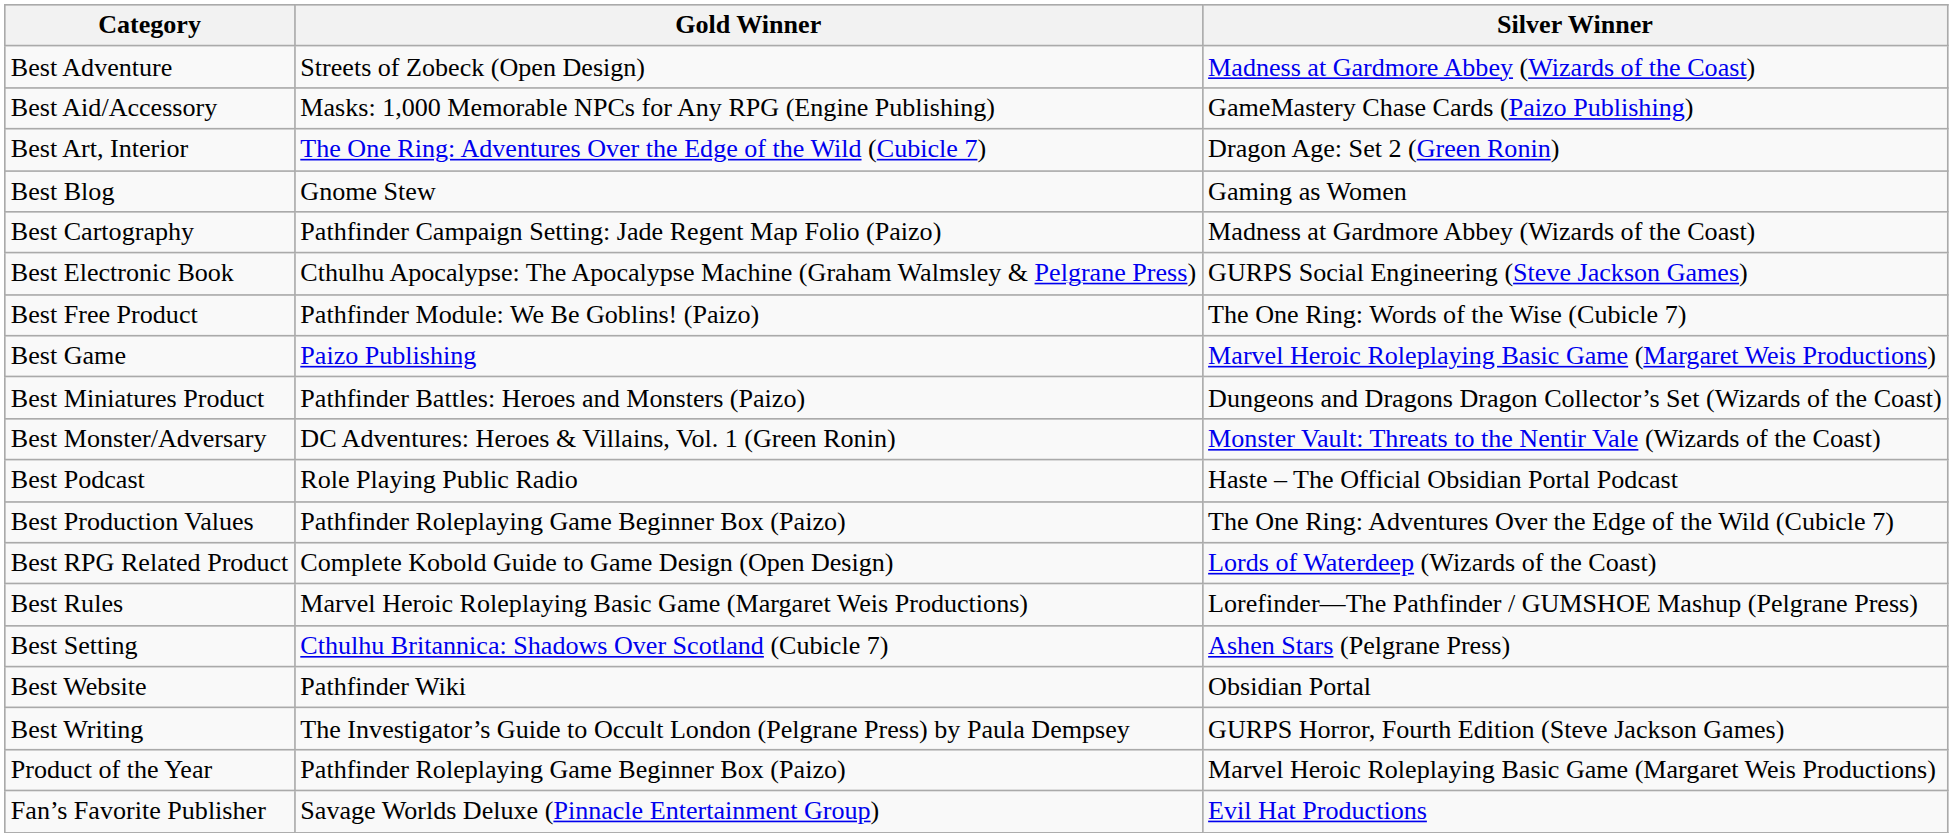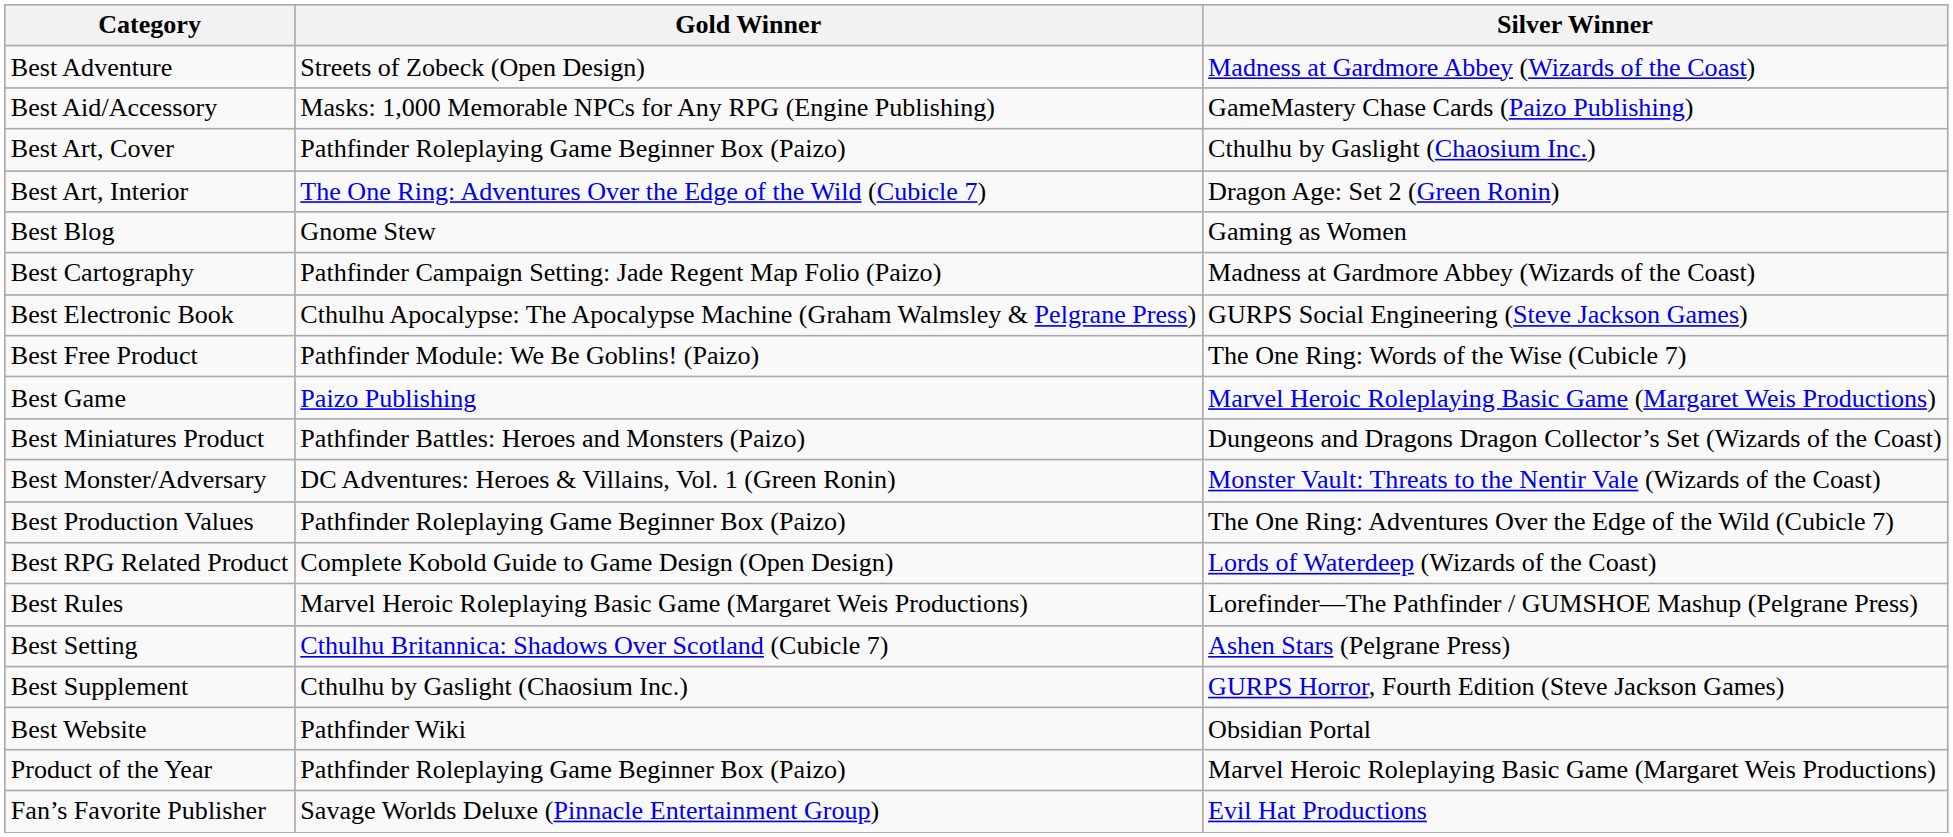 <table class="wikitable">
 <tr>
 <th>Category</th>
 <th>Gold Winner</th>
 <th>Silver Winner</th>
 </tr>
 <tr>
 <td>Best Adventure</td>
 <td>Streets of Zobeck (Open Design)</td>
 <td><a href='#'>Madness at Gardmore Abbey</a> (<a href='#'>Wizards of the Coast</a>)</td>
 </tr>
 <tr>
 <td>Best Aid/Accessory</td>
 <td>Masks: 1,000 Memorable NPCs for Any RPG (Engine Publishing)</td>
 <td>GameMastery Chase Cards (<a href='#'>Paizo Publishing</a>)</td>
+</tr>
+<tr>
+<td>Best Art, Cover</td>
+<td>Pathfinder Roleplaying Game Beginner Box (Paizo)</td>
+<td>Cthulhu by Gaslight (<a href='#'>Chaosium Inc.</a>)</td>
 </tr>
 <tr>
 <td>Best Art, Interior</td>
 <td><a href='#'>The One Ring: Adventures Over the Edge of the Wild</a> (<a href='#'>Cubicle 7</a>)</td>
 <td>Dragon Age: Set 2 (<a href='#'>Green Ronin</a>)</td>
 </tr>
 <tr>
 <td>Best Blog</td>
 <td>Gnome Stew</td>
 <td>Gaming as Women</td>
 </tr>
 <tr>
 <td>Best Cartography</td>
 <td>Pathfinder Campaign Setting: Jade Regent Map Folio (Paizo)</td>
 <td>Madness at Gardmore Abbey (Wizards of the Coast)</td>
 </tr>
 <tr>
 <td>Best Electronic Book</td>
 <td>Cthulhu Apocalypse: The Apocalypse Machine (Graham Walmsley & <a href='#'>Pelgrane Press</a>)</td>
 <td>GURPS Social Engineering (<a href='#'>Steve Jackson Games</a>)</td>
 </tr>
 <tr>
 <td>Best Free Product</td>
 <td>Pathfinder Module: We Be Goblins! (Paizo)</td>
 <td>The One Ring: Words of the Wise (Cubicle 7)</td>
 </tr>
 <tr>
 <td>Best Game</td>
 <td><a href='#'>Paizo Publishing</a></td>
 <td><a href='#'>Marvel Heroic Roleplaying Basic Game</a> (<a href='#'>Margaret Weis Productions</a>)</td>
 </tr>
 <tr>
 <td>Best Miniatures Product</td>
 <td>Pathfinder Battles: Heroes and Monsters (Paizo)</td>
 <td>Dungeons and Dragons Dragon Collector’s Set (Wizards of the Coast)</td>
 </tr>
 <tr>
 <td>Best Monster/Adversary</td>
 <td>DC Adventures: Heroes & Villains, Vol. 1 (Green Ronin)</td>
 <td><a href='#'>Monster Vault: Threats to the Nentir Vale</a> (Wizards of the Coast)</td>
 </tr>
 <tr>
-<td>Best Podcast</td>
-<td>Role Playing Public Radio</td>
-<td>Haste – The Official Obsidian Portal Podcast</td>
-</tr>
-<tr>
 <td>Best Production Values</td>
 <td>Pathfinder Roleplaying Game Beginner Box (Paizo)</td>
 <td>The One Ring: Adventures Over the Edge of the Wild (Cubicle 7)</td>
 </tr>
 <tr>
 <td>Best RPG Related Product</td>
 <td>Complete Kobold Guide to Game Design (Open Design)</td>
 <td><a href='#'>Lords of Waterdeep</a> (Wizards of the Coast)</td>
 </tr>
 <tr>
 <td>Best Rules</td>
 <td>Marvel Heroic Roleplaying Basic Game (Margaret Weis Productions)</td>
 <td>Lorefinder—The Pathfinder / GUMSHOE Mashup (Pelgrane Press)</td>
 </tr>
 <tr>
 <td>Best Setting</td>
 <td><a href='#'>Cthulhu Britannica: Shadows Over Scotland</a> (Cubicle 7)</td>
 <td><a href='#'>Ashen Stars</a> (Pelgrane Press)</td>
 </tr>
 <tr>
+<td>Best Supplement</td>
+<td>Cthulhu by Gaslight (Chaosium Inc.)</td>
+<td><a href='#'>GURPS Horror</a>, Fourth Edition (Steve Jackson Games)</td>
+</tr>
+<tr>
 <td>Best Website</td>
 <td>Pathfinder Wiki</td>
 <td>Obsidian Portal</td>
-</tr>
-<tr>
-<td>Best Writing</td>
-<td>The Investigator’s Guide to Occult London (Pelgrane Press) by Paula Dempsey</td>
-<td>GURPS Horror, Fourth Edition (Steve Jackson Games)</td>
 </tr>
 <tr>
 <td>Product of the Year</td>
 <td>Pathfinder Roleplaying Game Beginner Box (Paizo)</td>
 <td>Marvel Heroic Roleplaying Basic Game (Margaret Weis Productions)</td>
 </tr>
 <tr>
 <td>Fan’s Favorite Publisher</td>
 <td>Savage Worlds Deluxe (<a href='#'>Pinnacle Entertainment Group</a>)</td>
 <td><a href='#'>Evil Hat Productions</a></td>
 </tr>
 </table>
